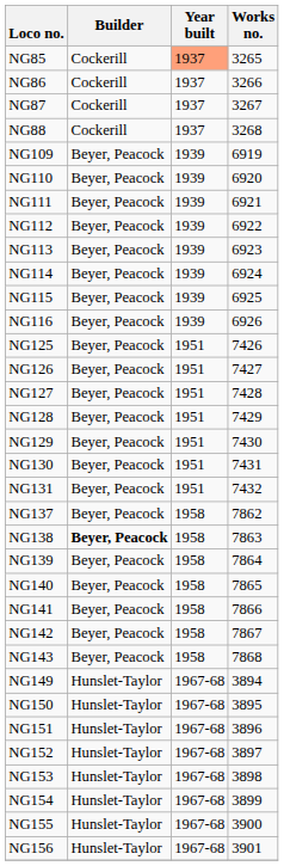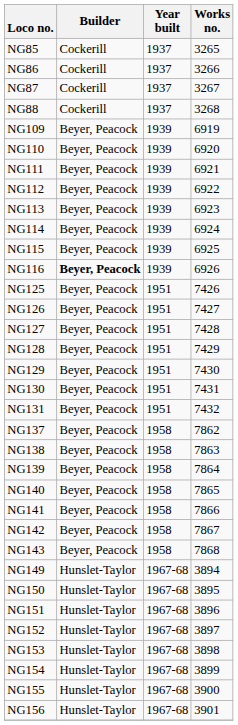 <table class="wikitable collapsible collapsed sortable" style="margin:0.5em auto; font-size:100%;">
 <tr>
 <th><br>Loco no.</th>
 <th>Builder<br></th>
 <th>Year<br>built</th>
 <th>Works<br>no.</th>
 </tr>
 <tr>
 <td>NG85</td>
 <td>Cockerill</td>
-<td style="background: lightsalmon;">1937</td>
+<td>1937</td>
 <td>3265</td>
 </tr>
 <tr>
 <td>NG86</td>
 <td>Cockerill</td>
 <td>1937</td>
 <td>3266</td>
 </tr>
 <tr>
 <td>NG87</td>
 <td>Cockerill</td>
 <td>1937</td>
 <td>3267</td>
 </tr>
 <tr>
 <td>NG88</td>
 <td>Cockerill</td>
 <td>1937</td>
 <td>3268</td>
 </tr>
 <tr>
 <td>NG109</td>
 <td>Beyer, Peacock</td>
 <td>1939</td>
 <td>6919</td>
 </tr>
 <tr>
 <td>NG110</td>
 <td>Beyer, Peacock</td>
 <td>1939</td>
 <td>6920</td>
 </tr>
 <tr>
 <td>NG111</td>
 <td>Beyer, Peacock</td>
 <td>1939</td>
 <td>6921</td>
 </tr>
 <tr>
 <td>NG112</td>
 <td>Beyer, Peacock</td>
 <td>1939</td>
 <td>6922</td>
 </tr>
 <tr>
 <td>NG113</td>
 <td>Beyer, Peacock</td>
 <td>1939</td>
 <td>6923</td>
 </tr>
 <tr>
 <td>NG114</td>
 <td>Beyer, Peacock</td>
 <td>1939</td>
 <td>6924</td>
 </tr>
 <tr>
 <td>NG115</td>
 <td>Beyer, Peacock</td>
 <td>1939</td>
 <td>6925</td>
 </tr>
 <tr>
 <td>NG116</td>
-<td>Beyer, Peacock</td>
+<td><strong>Beyer, Peacock</strong></td>
 <td>1939</td>
 <td>6926</td>
 </tr>
 <tr>
 <td>NG125</td>
 <td>Beyer, Peacock</td>
 <td>1951</td>
 <td>7426</td>
 </tr>
 <tr>
 <td>NG126</td>
 <td>Beyer, Peacock</td>
 <td>1951</td>
 <td>7427</td>
 </tr>
 <tr>
 <td>NG127</td>
 <td>Beyer, Peacock</td>
 <td>1951</td>
 <td>7428</td>
 </tr>
 <tr>
 <td>NG128</td>
 <td>Beyer, Peacock</td>
 <td>1951</td>
 <td>7429</td>
 </tr>
 <tr>
 <td>NG129</td>
 <td>Beyer, Peacock</td>
 <td>1951</td>
 <td>7430</td>
 </tr>
 <tr>
 <td>NG130</td>
 <td>Beyer, Peacock</td>
 <td>1951</td>
 <td>7431</td>
 </tr>
 <tr>
 <td>NG131</td>
 <td>Beyer, Peacock</td>
 <td>1951</td>
 <td>7432</td>
 </tr>
 <tr>
 <td>NG137</td>
 <td>Beyer, Peacock</td>
 <td>1958</td>
 <td>7862</td>
 </tr>
 <tr>
 <td>NG138</td>
-<td><strong>Beyer, Peacock</strong></td>
+<td>Beyer, Peacock</td>
 <td>1958</td>
 <td>7863</td>
 </tr>
 <tr>
 <td>NG139</td>
 <td>Beyer, Peacock</td>
 <td>1958</td>
 <td>7864</td>
 </tr>
 <tr>
 <td>NG140</td>
 <td>Beyer, Peacock</td>
 <td>1958</td>
 <td>7865</td>
 </tr>
 <tr>
 <td>NG141</td>
 <td>Beyer, Peacock</td>
 <td>1958</td>
 <td>7866</td>
 </tr>
 <tr>
 <td>NG142</td>
 <td>Beyer, Peacock</td>
 <td>1958</td>
 <td>7867</td>
 </tr>
 <tr>
 <td>NG143</td>
 <td>Beyer, Peacock</td>
 <td>1958</td>
 <td>7868</td>
 </tr>
 <tr>
 <td>NG149</td>
 <td>Hunslet-Taylor</td>
 <td>1967-68</td>
 <td>3894</td>
 </tr>
 <tr>
 <td>NG150</td>
 <td>Hunslet-Taylor</td>
 <td>1967-68</td>
 <td>3895</td>
 </tr>
 <tr>
 <td>NG151</td>
 <td>Hunslet-Taylor</td>
 <td>1967-68</td>
 <td>3896</td>
 </tr>
 <tr>
 <td>NG152</td>
 <td>Hunslet-Taylor</td>
 <td>1967-68</td>
 <td>3897</td>
 </tr>
 <tr>
 <td>NG153</td>
 <td>Hunslet-Taylor</td>
 <td>1967-68</td>
 <td>3898</td>
 </tr>
 <tr>
 <td>NG154</td>
 <td>Hunslet-Taylor</td>
 <td>1967-68</td>
 <td>3899</td>
 </tr>
 <tr>
 <td>NG155</td>
 <td>Hunslet-Taylor</td>
 <td>1967-68</td>
 <td>3900</td>
 </tr>
 <tr>
 <td>NG156</td>
 <td>Hunslet-Taylor</td>
 <td>1967-68</td>
 <td>3901</td>
 </tr>
 <tr>
 </tr>
 </table>
